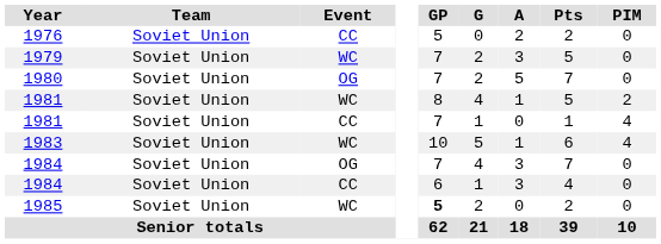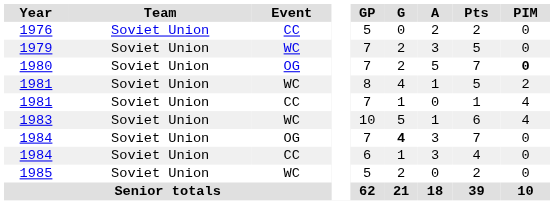 <table border="0" cellpadding="1" cellspacing="0" style="text-align:center; width:40em">
 <tr ALIGN="center" bgcolor="#e0e0e0">
 <th>Year</th>
 <th>Team</th>
 <th>Event</th>
 <th ALIGN="center" rowspan="99" bgcolor="#ffffff"> </th>
 <th>GP</th>
 <th>G</th>
 <th>A</th>
 <th>Pts</th>
 <th>PIM</th>
 </tr>
 <tr>
 <td><a href='#'>1976</a></td>
 <td><a href='#'>Soviet Union</a></td>
 <td><a href='#'>CC</a></td>
 <td>5</td>
 <td>0</td>
 <td>2</td>
 <td>2</td>
 <td>0</td>
 </tr>
 <tr bgcolor="#f0f0f0">
 <td><a href='#'>1979</a></td>
 <td>Soviet Union</td>
 <td><a href='#'>WC</a></td>
 <td>7</td>
 <td>2</td>
 <td>3</td>
 <td>5</td>
 <td>0</td>
 </tr>
 <tr>
 <td><a href='#'>1980</a></td>
 <td>Soviet Union</td>
 <td><a href='#'>OG</a></td>
 <td>7</td>
 <td>2</td>
 <td>5</td>
 <td>7</td>
-<td>0</td>
+<td><strong>0</strong></td>
 </tr>
 <tr bgcolor="#f0f0f0">
 <td><a href='#'>1981</a></td>
 <td>Soviet Union</td>
 <td>WC</td>
 <td>8</td>
 <td>4</td>
 <td>1</td>
 <td>5</td>
 <td>2</td>
 </tr>
 <tr>
 <td><a href='#'>1981</a></td>
 <td>Soviet Union</td>
 <td>CC</td>
 <td>7</td>
 <td>1</td>
 <td>0</td>
 <td>1</td>
 <td>4</td>
 </tr>
 <tr bgcolor="#f0f0f0">
 <td><a href='#'>1983</a></td>
 <td>Soviet Union</td>
 <td>WC</td>
 <td>10</td>
 <td>5</td>
 <td>1</td>
 <td>6</td>
 <td>4</td>
 </tr>
 <tr>
 <td><a href='#'>1984</a></td>
 <td>Soviet Union</td>
 <td>OG</td>
 <td>7</td>
-<td>4</td>
+<td><strong>4</strong></td>
 <td>3</td>
 <td>7</td>
 <td>0</td>
 </tr>
 <tr bgcolor="#f0f0f0">
 <td><a href='#'>1984</a></td>
 <td>Soviet Union</td>
 <td>CC</td>
 <td>6</td>
 <td>1</td>
 <td>3</td>
 <td>4</td>
 <td>0</td>
 </tr>
 <tr>
 <td><a href='#'>1985</a></td>
 <td>Soviet Union</td>
 <td>WC</td>
-<td><strong>5</strong></td>
+<td>5</td>
 <td>2</td>
 <td>0</td>
 <td>2</td>
 <td>0</td>
 </tr>
 <tr bgcolor="#e0e0e0">
 <th colspan=3>Senior totals</th>
 <th>62</th>
 <th>21</th>
 <th>18</th>
 <th>39</th>
 <th>10</th>
 </tr>
 </table>
